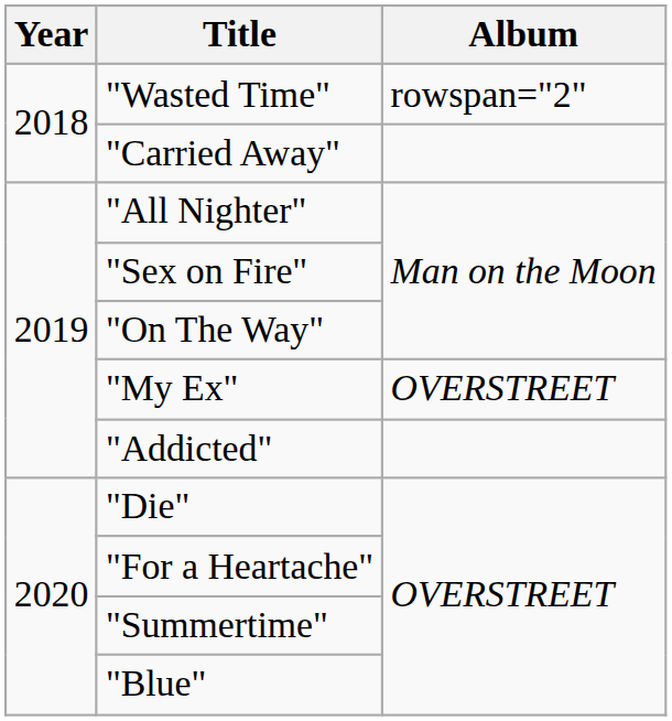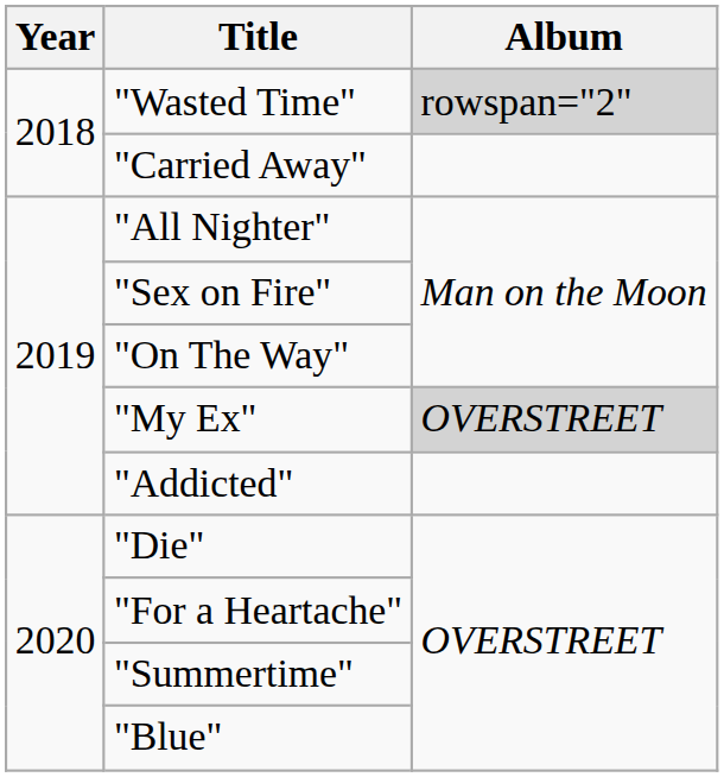 <table class="wikitable">
 <tr>
 <th>Year</th>
 <th>Title</th>
 <th>Album</th>
 </tr>
 <tr>
 <td rowspan="2">2018</td>
 <td>"Wasted Time"</td>
-<td>rowspan="2" </td>
+<td style="background: lightgrey;">rowspan="2" </td>
 </tr>
 <tr>
 <td>"Carried Away"</td>
 </tr>
 <tr>
 <td rowspan="5">2019</td>
 <td>"All Nighter"</td>
 <td rowspan="3"><em>Man on the Moon</em></td>
 </tr>
 <tr>
 <td>"Sex on Fire"</td>
 </tr>
 <tr>
 <td>"On The Way"</td>
 </tr>
 <tr>
 <td>"My Ex"</td>
-<td><em>OVERSTREET</em></td>
+<td style="background: lightgrey;"><em>OVERSTREET</em></td>
 </tr>
 <tr>
 <td>"Addicted"</td>
 <td></td>
 </tr>
 <tr>
 <td rowspan="4">2020</td>
 <td>"Die"</td>
 <td rowspan="4"><em>OVERSTREET</em></td>
 </tr>
 <tr>
 <td>"For a Heartache"</td>
 </tr>
 <tr>
 <td>"Summertime"</td>
 </tr>
 <tr>
 <td>"Blue"</td>
 </tr>
 </table>
